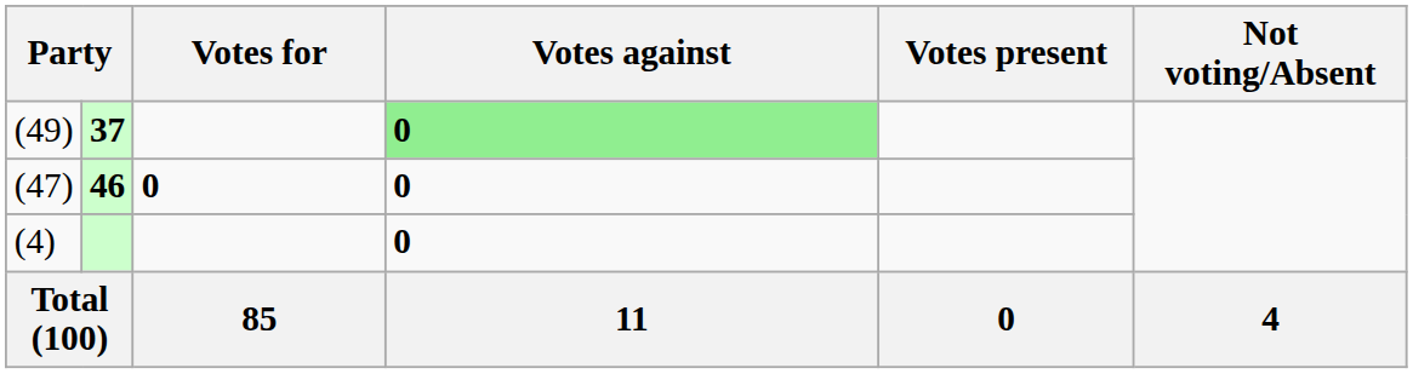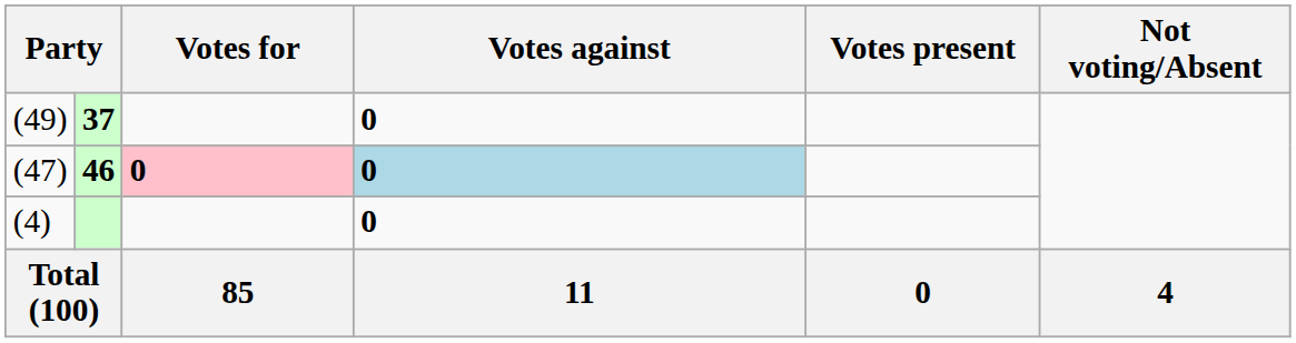 <table class="wikitable mw-collapsible mw-collapsed" style="width:50%;">
 <tr>
 <th colspan="2">Party</th>
 <th style="width:20%;">Votes for</th>
 <th style="width:40%;">Votes against</th>
 <th style="width:20%;">Votes present</th>
 <th style="width:20%;">Not voting/Absent</th>
 </tr>
 <tr>
 <td> (49)</td>
 <td style="background:#cfc;"><strong>37</strong></td>
 <td></td>
-<td style="background: lightgreen;"><strong>0</strong></td>
+<td><strong>0</strong></td>
 <td></td>
 </tr>
 <tr>
 <td> (47)</td>
 <td style="background:#cfc;"><strong>46</strong></td>
-<td><strong>0</strong></td>
-<td><strong>0</strong></td>
+<td style="background: pink;"><strong>0</strong></td>
+<td style="background: lightblue;"><strong>0</strong></td>
 <td></td>
 </tr>
 <tr>
 <td> (4)</td>
 <td style="background:#cfc;"></td>
 <td></td>
 <td><strong>0</strong></td>
 <td></td>
 </tr>
 <tr>
 <th colspan="2">Total (100)</th>
 <th><strong>85</strong></th>
 <th>11</th>
 <th>0</th>
 <th>4</th>
 </tr>
 </table>
